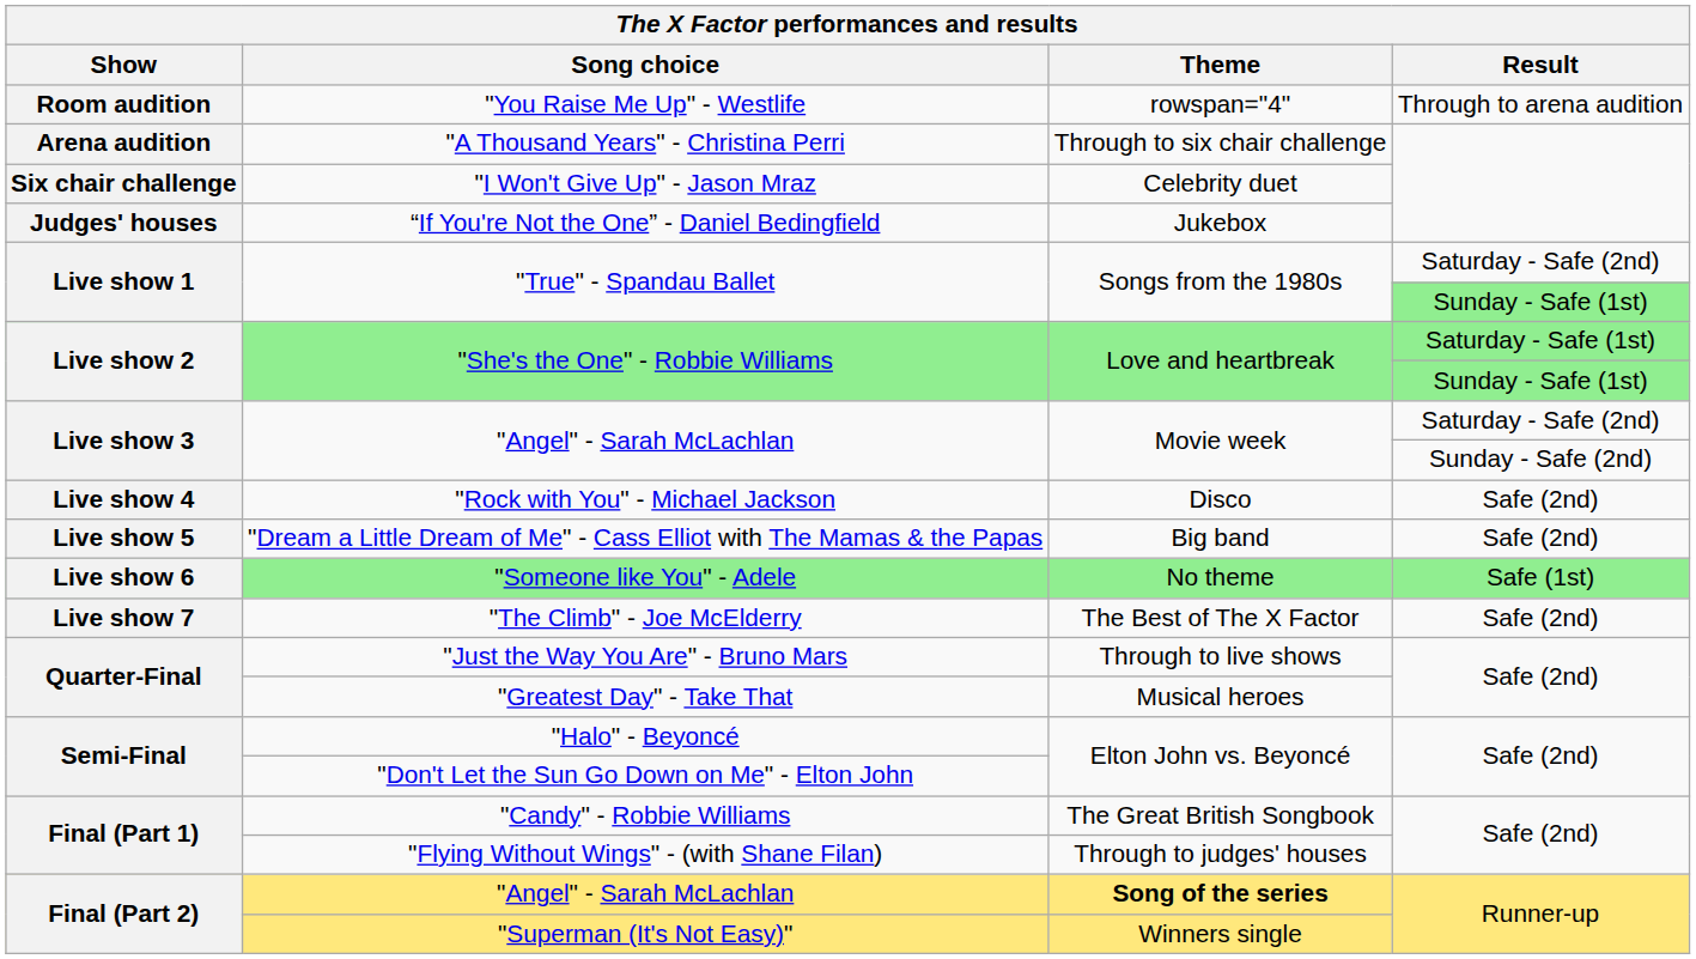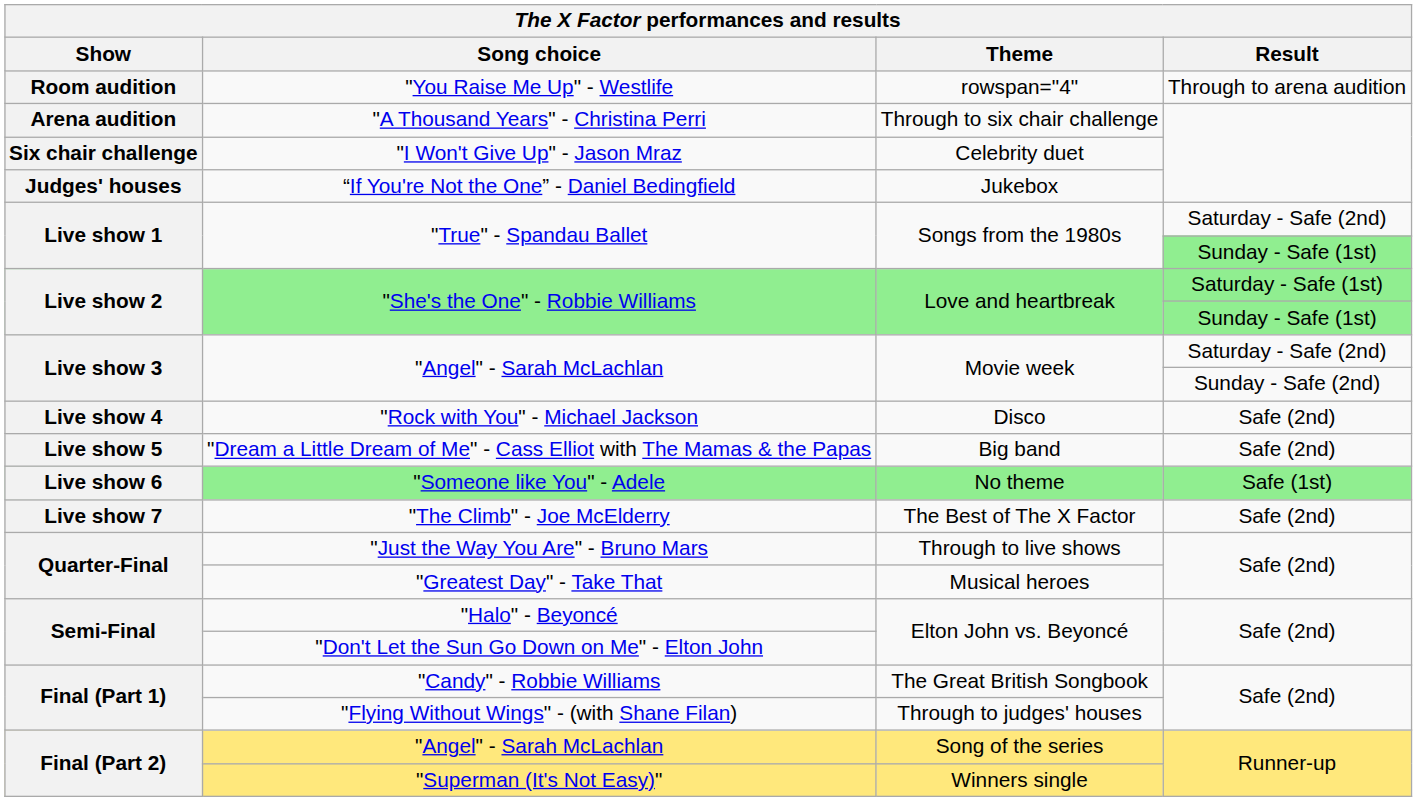 <table class="wikitable collapsible collapsed" style="margin:1em auto 1em auto; text-align:center;">
 <tr>
 <th colspan="4"><em>The X Factor</em> performances and results</th>
 </tr>
 <tr>
 <th style="text-align:centre;">Show</th>
 <th style="text-align:centre;">Song choice</th>
 <th style="text-align:centre;">Theme</th>
 <th style="text-align:centre;">Result</th>
 </tr>
 <tr>
 <th>Room audition</th>
 <td>"<a href='#'>You Raise Me Up</a>" - <a href='#'>Westlife</a></td>
 <td>rowspan="4" </td>
 <td>Through to arena audition</td>
 </tr>
 <tr>
 <th>Arena audition</th>
 <td>"<a href='#'>A Thousand Years</a>" - <a href='#'>Christina Perri</a></td>
 <td>Through to six chair challenge</td>
 </tr>
 <tr>
 <th>Six chair challenge</th>
 <td>"<a href='#'>I Won't Give Up</a>" - <a href='#'>Jason Mraz</a></td>
 <td>Celebrity duet</td>
 </tr>
 <tr>
 <th>Judges' houses</th>
 <td>“<a href='#'>If You're Not the One</a>” - <a href='#'>Daniel Bedingfield</a></td>
 <td>Jukebox</td>
 </tr>
 <tr>
 <th rowspan="2">Live show 1</th>
 <td rowspan="2">"<a href='#'>True</a>" - <a href='#'>Spandau Ballet</a></td>
 <td rowspan="2">Songs from the 1980s</td>
 <td>Saturday - Safe (2nd)</td>
 </tr>
 <tr>
 <td style="background:lightgreen;">Sunday - Safe (1st)</td>
 </tr>
 <tr style="background:lightgreen;">
 <th rowspan="2">Live show 2</th>
 <td rowspan="2">"<a href='#'>She's the One</a>" - <a href='#'>Robbie Williams</a></td>
 <td rowspan="2">Love and heartbreak</td>
 <td style="background:lightgreen;">Saturday - Safe (1st)</td>
 </tr>
 <tr>
 <td style="background:lightgreen;">Sunday - Safe (1st)</td>
 </tr>
 <tr>
 <th rowspan="2">Live show 3</th>
 <td rowspan="2">"<a href='#'>Angel</a>" - <a href='#'>Sarah McLachlan</a></td>
 <td rowspan="2">Movie week</td>
 <td>Saturday - Safe (2nd)</td>
 </tr>
 <tr>
 <td>Sunday - Safe (2nd)</td>
 </tr>
 <tr>
 <th>Live show 4</th>
 <td>"<a href='#'>Rock with You</a>" - <a href='#'>Michael Jackson</a></td>
 <td>Disco</td>
 <td>Safe (2nd)</td>
 </tr>
 <tr>
 <th>Live show 5</th>
 <td>"<a href='#'>Dream a Little Dream of Me</a>" - <a href='#'>Cass Elliot</a> with <a href='#'>The Mamas & the Papas</a></td>
 <td>Big band</td>
 <td>Safe (2nd)</td>
 </tr>
 <tr style="background:lightgreen;">
 <th>Live show 6</th>
 <td>"<a href='#'>Someone like You</a>" - <a href='#'>Adele</a></td>
 <td>No theme</td>
 <td>Safe (1st)</td>
 </tr>
 <tr>
 <th>Live show 7</th>
 <td>"<a href='#'>The Climb</a>" - <a href='#'>Joe McElderry</a></td>
 <td>The Best of The X Factor</td>
 <td>Safe (2nd)</td>
 </tr>
 <tr>
 <th rowspan="2">Quarter-Final</th>
 <td>"<a href='#'>Just the Way You Are</a>" - <a href='#'>Bruno Mars</a></td>
 <td>Through to live shows</td>
 <td rowspan="2">Safe (2nd)</td>
 </tr>
 <tr>
 <td>"<a href='#'>Greatest Day</a>" - <a href='#'>Take That</a></td>
 <td>Musical heroes</td>
 </tr>
 <tr>
 <th rowspan="2">Semi-Final</th>
 <td>"<a href='#'>Halo</a>" - <a href='#'>Beyoncé</a></td>
 <td rowspan="2">Elton John vs. Beyoncé</td>
 <td rowspan="2">Safe (2nd)</td>
 </tr>
 <tr>
 <td>"<a href='#'>Don't Let the Sun Go Down on Me</a>" - <a href='#'>Elton John</a></td>
 </tr>
 <tr>
 <th rowspan="2">Final (Part 1)</th>
 <td>"<a href='#'>Candy</a>" - <a href='#'>Robbie Williams</a></td>
 <td>The Great British Songbook</td>
 <td rowspan="2">Safe (2nd)</td>
 </tr>
 <tr>
 <td>"<a href='#'>Flying Without Wings</a>" - (with <a href='#'>Shane Filan</a>)</td>
 <td>Through to judges' houses</td>
 </tr>
 <tr style="background:#ffe87c;">
 <th rowspan="2">Final (Part 2)</th>
 <td>"<a href='#'>Angel</a>" - <a href='#'>Sarah McLachlan</a></td>
-<td><strong>Song of the series</strong></td>
+<td>Song of the series</td>
 <td rowspan="2">Runner-up</td>
 </tr>
 <tr style="background:#ffe87c;">
 <td>"<a href='#'>Superman (It's Not Easy)</a>"</td>
 <td>Winners single</td>
 </tr>
 </table>
